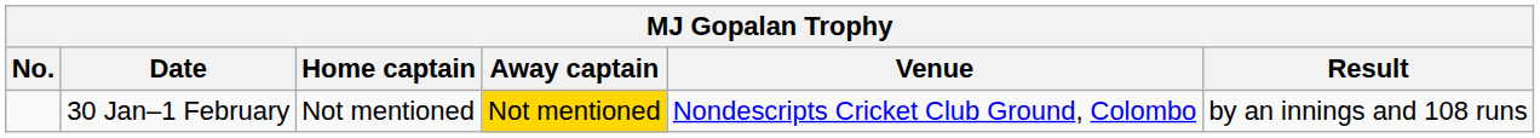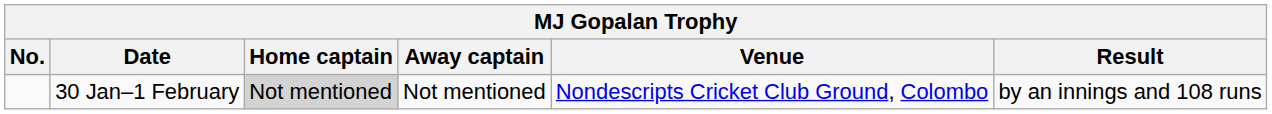 <table class="wikitable">
 <tr>
 <th colspan="9">MJ Gopalan Trophy</th>
 </tr>
 <tr>
 <th>No.</th>
 <th>Date</th>
 <th>Home captain</th>
 <th>Away captain</th>
 <th>Venue</th>
 <th>Result</th>
 </tr>
 <tr>
 <td></td>
 <td>30 Jan–1 February</td>
+<td style="background: lightgrey;">Not mentioned</td>
 <td>Not mentioned</td>
-<td style="background: gold;">Not mentioned</td>
 <td><a href='#'>Nondescripts Cricket Club Ground</a>, <a href='#'>Colombo</a></td>
 <td> by an innings and 108 runs</td>
 </tr>
 </table>
